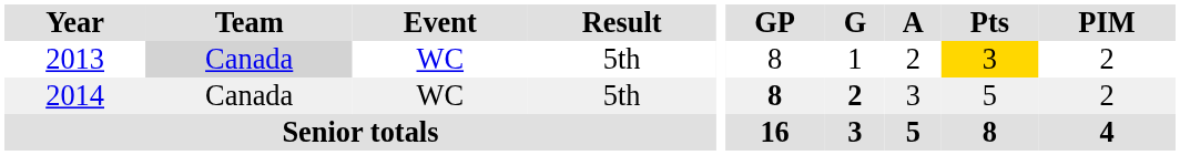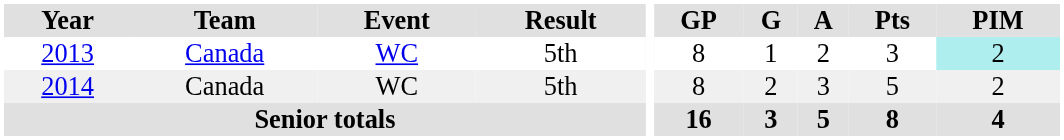 <table border="0" cellpadding="1" cellspacing="0" ID="Table3" style="text-align:center; width:40em">
 <tr ALIGN="centre" bgcolor="#e0e0e0">
 <th>Year</th>
 <th>Team</th>
 <th>Event</th>
 <th>Result</th>
 <th rowspan="99" bgcolor="#ffffff"></th>
 <th>GP</th>
 <th>G</th>
 <th>A</th>
 <th>Pts</th>
 <th>PIM</th>
 </tr>
 <tr>
 <td><a href='#'>2013</a></td>
-<td style="background: lightgrey;"><a href='#'>Canada</a></td>
+<td><a href='#'>Canada</a></td>
 <td><a href='#'>WC</a></td>
 <td>5th</td>
 <td>8</td>
 <td>1</td>
 <td>2</td>
-<td style="background: gold;">3</td>
-<td>2</td>
+<td>3</td>
+<td style="background: paleturquoise;">2</td>
 </tr>
 <tr bgcolor="#f0f0f0">
 <td><a href='#'>2014</a></td>
 <td>Canada</td>
 <td>WC</td>
 <td>5th</td>
-<td><strong>8</strong></td>
-<td><strong>2</strong></td>
+<td>8</td>
+<td>2</td>
 <td>3</td>
 <td>5</td>
 <td>2</td>
 </tr>
 <tr bgcolor="#e0e0e0">
 <th colspan="4">Senior totals</th>
 <th>16</th>
 <th>3</th>
 <th>5</th>
 <th>8</th>
 <th>4</th>
 </tr>
 </table>
